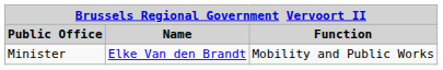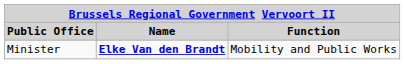 <table class="wikitable">
 <tr>
 <th style="background:LightGrey;" colspan="3"><a href='#'>Brussels Regional Government</a> <a href='#'>Vervoort II</a></th>
 </tr>
 <tr>
 <th style="background:LightGrey;">Public Office</th>
 <th style="background:LightGrey;">Name</th>
 <th style="background:LightGrey;">Function</th>
 </tr>
 <tr>
 <td>Minister</td>
-<td><a href='#'>Elke Van den Brandt</a></td>
+<td><strong><a href='#'>Elke Van den Brandt</a></strong></td>
 <td>Mobility and Public Works</td>
 </tr>
 </table>
